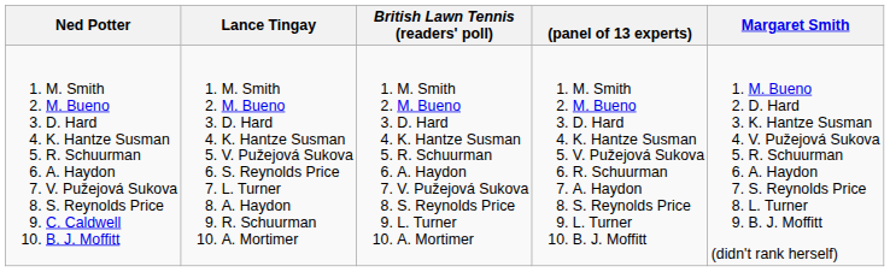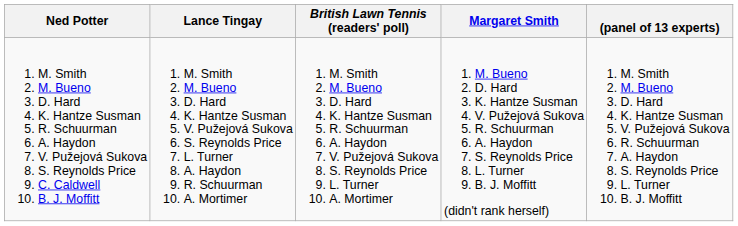 <table class="wikitable">
 <tr>
 <th>Ned Potter</th>
 <th>Lance Tingay<strong></strong></th>
 <th><em>British Lawn Tennis</em><br>(readers' poll)</th>
+<th><a href='#'>Margaret Smith</a></th>
 <th><em></em><br>(panel of 13 experts)</th>
-<th><a href='#'>Margaret Smith</a></th>
 </tr>
 <tr style="vertical-align: top;">
 <td style="white-space: nowrap;"><br><ol><li> M. Smith</li><li> <a href='#'>M. Bueno</a></li><li> D. Hard</li><li> K. Hantze Susman</li><li> R. Schuurman</li><li> A. Haydon</li><li> V. Pužejová Sukova</li><li> S. Reynolds Price</li><li> <a href='#'>C. Caldwell</a></li><li> <a href='#'>B. J. Moffitt</a></li></ol></td>
 <td style="white-space: nowrap;"><br><ol><li> M. Smith</li><li> <a href='#'>M. Bueno</a></li><li> D. Hard</li><li> K. Hantze Susman</li><li> V. Pužejová Sukova</li><li> S. Reynolds Price</li><li> L. Turner</li><li> A. Haydon</li><li> R. Schuurman</li><li> A. Mortimer</li></ol></td>
 <td style="white-space: nowrap;"><br><ol><li> M. Smith</li><li> <a href='#'>M. Bueno</a></li><li> D. Hard</li><li> K. Hantze Susman</li><li> R. Schuurman</li><li> A. Haydon</li><li> V. Pužejová Sukova</li><li> S. Reynolds Price</li><li> L. Turner</li><li> A. Mortimer</li></ol></td>
+<td style="white-space: nowrap;"><br><ol><li> <a href='#'>M. Bueno</a></li><li> D. Hard</li><li> K. Hantze Susman</li><li> V. Pužejová Sukova</li><li> R. Schuurman</li><li> A. Haydon</li><li> S. Reynolds Price</li><li> L. Turner</li><li> B. J. Moffitt</li></ol>(didn't rank herself)</td>
 <td style="white-space: nowrap;"><br><ol><li> M. Smith</li><li> <a href='#'>M. Bueno</a></li><li> D. Hard</li><li> K. Hantze Susman</li><li> V. Pužejová Sukova</li><li> R. Schuurman</li><li> A. Haydon</li><li> S. Reynolds Price</li><li> L. Turner</li><li> B. J. Moffitt</li></ol></td>
-<td style="white-space: nowrap;"><br><ol><li> <a href='#'>M. Bueno</a></li><li> D. Hard</li><li> K. Hantze Susman</li><li> V. Pužejová Sukova</li><li> R. Schuurman</li><li> A. Haydon</li><li> S. Reynolds Price</li><li> L. Turner</li><li> B. J. Moffitt</li></ol>(didn't rank herself)</td>
 </tr>
 </table>
